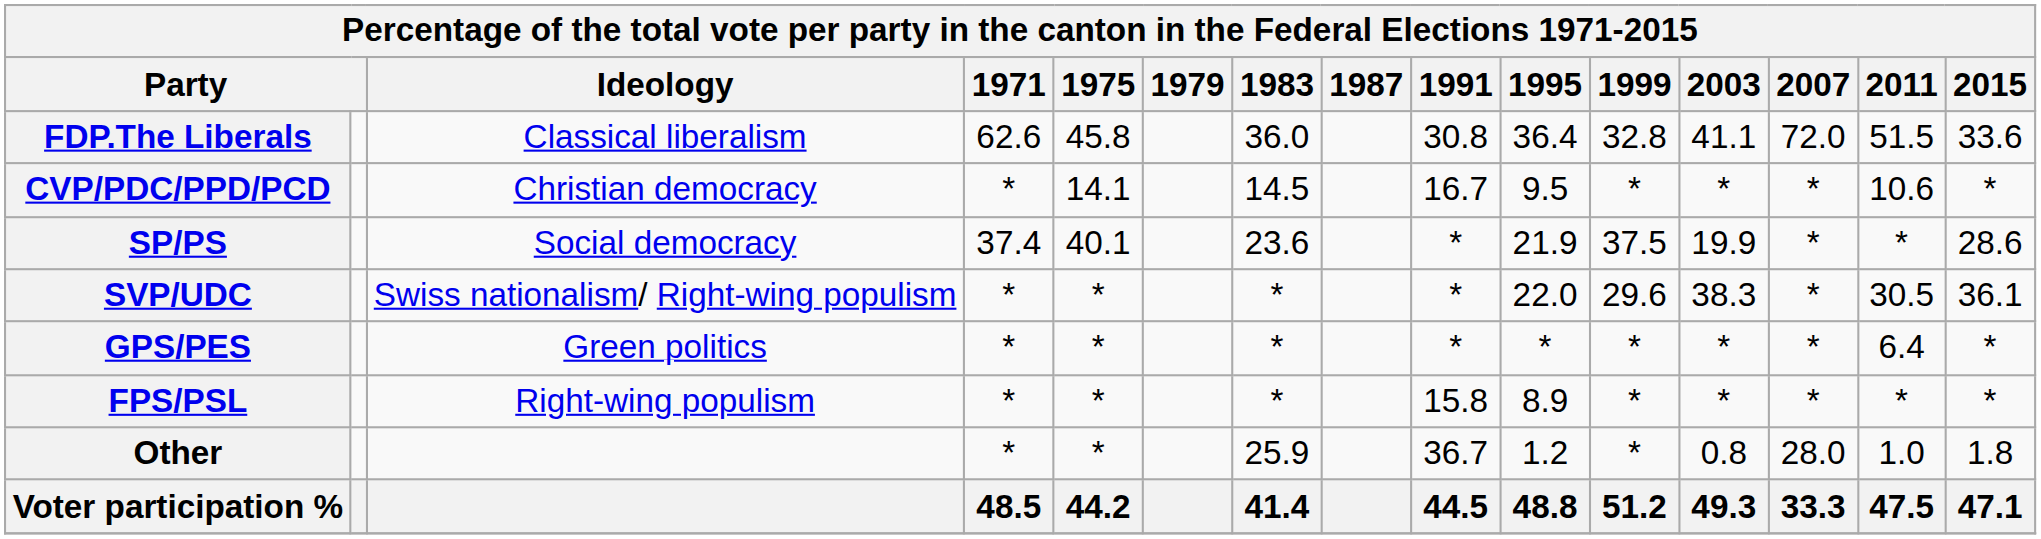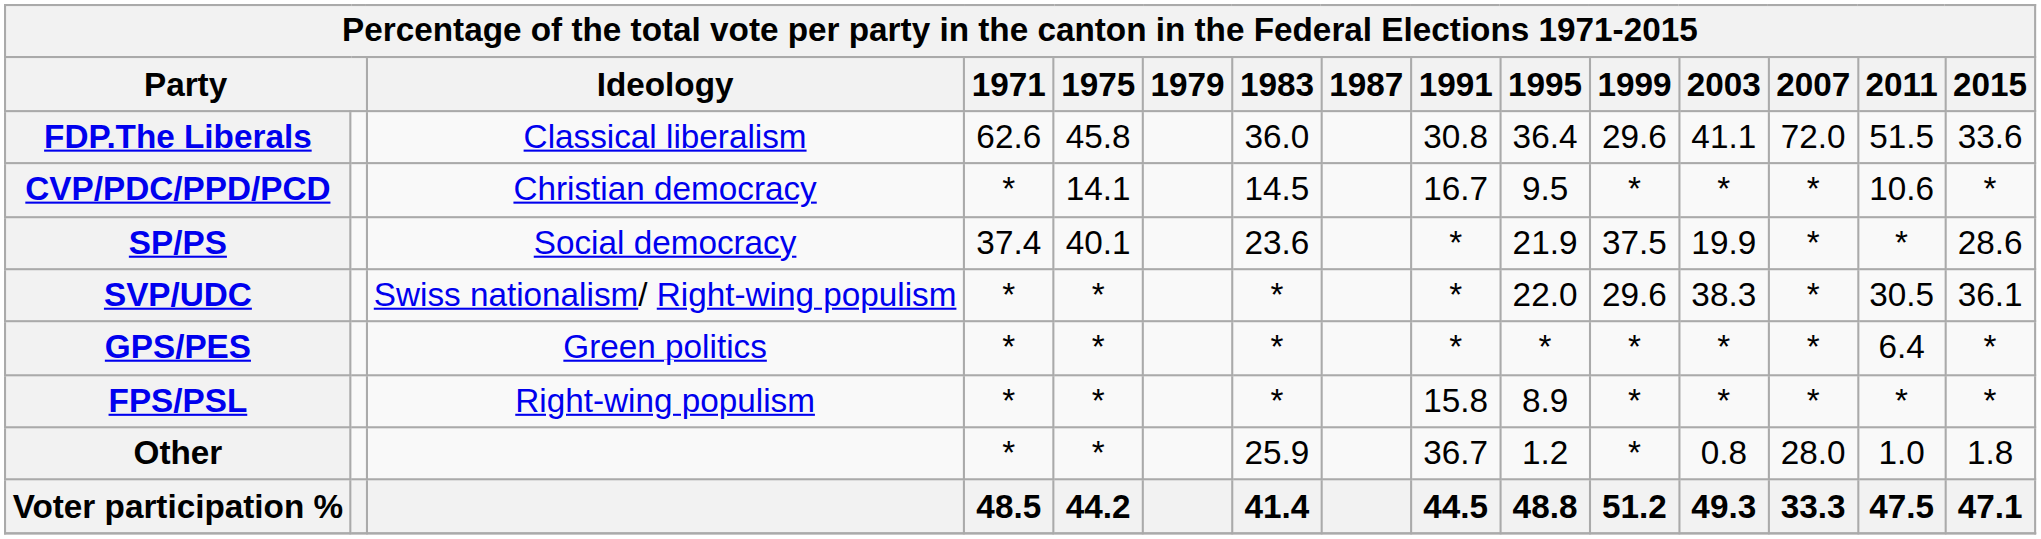 <table class="wikitable sortable" style ="text-align: center">
 <tr>
 <th colspan="15">Percentage of the total vote per party in the canton in the Federal Elections 1971-2015</th>
 </tr>
 <tr>
 <th colspan="2">Party</th>
 <th class="unsortable">Ideology</th>
 <th>1971</th>
 <th>1975</th>
 <th>1979</th>
 <th>1983</th>
 <th>1987</th>
 <th>1991</th>
 <th>1995</th>
 <th>1999</th>
 <th>2003</th>
 <th>2007</th>
 <th>2011</th>
 <th>2015</th>
 </tr>
 <tr>
 <th><a href='#'>FDP.The Liberals</a></th>
 <td></td>
 <td><a href='#'>Classical liberalism</a></td>
 <td>62.6</td>
 <td>45.8</td>
 <td></td>
 <td>36.0</td>
 <td></td>
 <td>30.8</td>
 <td>36.4</td>
-<td>32.8</td>
+<td>29.6</td>
 <td>41.1</td>
 <td>72.0</td>
 <td>51.5</td>
 <td>33.6</td>
 </tr>
 <tr>
 <th><a href='#'>CVP/PDC/PPD/PCD</a></th>
 <td></td>
 <td><a href='#'>Christian democracy</a></td>
 <td>* </td>
 <td>14.1</td>
 <td></td>
 <td>14.5</td>
 <td></td>
 <td>16.7</td>
 <td>9.5</td>
 <td>*</td>
 <td>*</td>
 <td>*</td>
 <td>10.6</td>
 <td>*</td>
 </tr>
 <tr>
 <th><a href='#'>SP/PS</a></th>
 <td></td>
 <td><a href='#'>Social democracy</a></td>
 <td>37.4</td>
 <td>40.1</td>
 <td></td>
 <td>23.6</td>
 <td></td>
 <td>*</td>
 <td>21.9</td>
 <td>37.5</td>
 <td>19.9</td>
 <td>*</td>
 <td>*</td>
 <td>28.6</td>
 </tr>
 <tr>
 <th><a href='#'>SVP/UDC</a></th>
 <td></td>
 <td><a href='#'>Swiss nationalism</a>/ <a href='#'>Right-wing populism</a></td>
 <td>*</td>
 <td>*</td>
 <td></td>
 <td>*</td>
 <td></td>
 <td>*</td>
 <td>22.0</td>
 <td>29.6</td>
 <td>38.3</td>
 <td>*</td>
 <td>30.5</td>
 <td>36.1</td>
 </tr>
 <tr>
 <th><a href='#'>GPS/PES</a></th>
 <td></td>
 <td><a href='#'>Green politics</a></td>
 <td>*</td>
 <td>*</td>
 <td></td>
 <td>*</td>
 <td></td>
 <td>*</td>
 <td>*</td>
 <td>*</td>
 <td>*</td>
 <td>*</td>
 <td>6.4</td>
 <td>*</td>
 </tr>
 <tr>
 <th><a href='#'>FPS/PSL</a></th>
 <td></td>
 <td><a href='#'>Right-wing populism</a></td>
 <td>*</td>
 <td>*</td>
 <td></td>
 <td>*</td>
 <td></td>
 <td>15.8</td>
 <td>8.9</td>
 <td>*</td>
 <td>*</td>
 <td>*</td>
 <td>*</td>
 <td>*</td>
 </tr>
 <tr>
 <th>Other</th>
 <td></td>
 <td></td>
 <td>*</td>
 <td>*</td>
 <td></td>
 <td>25.9</td>
 <td></td>
 <td>36.7</td>
 <td>1.2</td>
 <td>*</td>
 <td>0.8</td>
 <td>28.0</td>
 <td>1.0</td>
 <td>1.8</td>
 </tr>
 <tr>
 <th>Voter participation %</th>
 <th></th>
 <th></th>
 <th>48.5</th>
 <th>44.2</th>
 <th></th>
 <th>41.4</th>
 <th></th>
 <th>44.5</th>
 <th>48.8</th>
 <th>51.2</th>
 <th>49.3</th>
 <th>33.3</th>
 <th>47.5</th>
 <th>47.1</th>
 </tr>
 <tr>
 </tr>
 </table>
